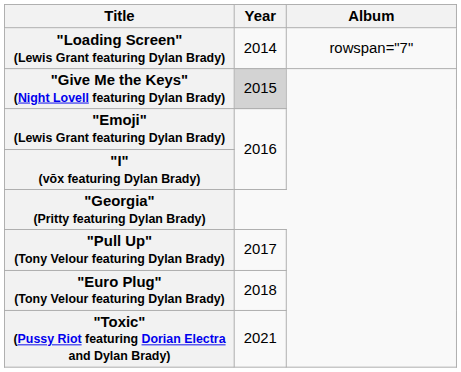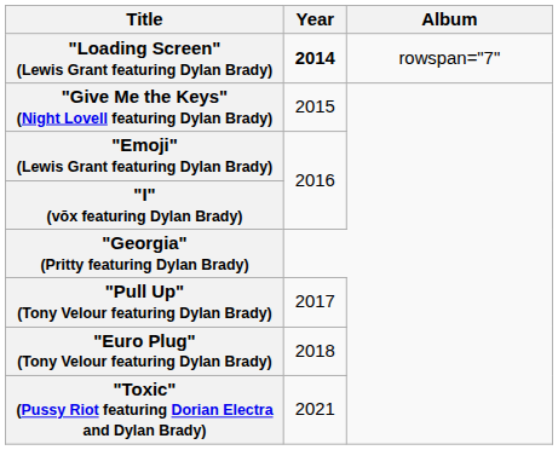 <table class="wikitable plainrowheaders" style="text-align:center;" border="1">
 <tr>
 <th scope="col" style="width:15em;">Title</th>
 <th scope="col" style="width:3em;">Year</th>
 <th scope="col" style="width:11em;">Album</th>
 </tr>
 <tr>
 <th scope="row">"Loading Screen"<br><small>(Lewis Grant featuring Dylan Brady)</small></th>
-<td>2014</td>
+<td><strong>2014</strong></td>
 <td>rowspan="7" </td>
 </tr>
 <tr>
 <th scope="row">"Give Me the Keys"<br><small>(<a href='#'>Night Lovell</a> featuring Dylan Brady)</small></th>
-<td style="background: lightgrey;">2015</td>
+<td>2015</td>
 </tr>
 <tr>
 <th scope="row">"Emoji"<br><small>(Lewis Grant featuring Dylan Brady)</small></th>
 <td rowspan="2">2016</td>
 </tr>
 <tr>
 <th scope="row">"I"<br><small>(vōx featuring Dylan Brady)</small></th>
 </tr>
 <tr>
 <th scope="row">"Georgia" <br><small>(Pritty featuring Dylan Brady)</small></th>
 </tr>
 <tr>
 <th scope="row">"Pull Up" <br><small>(Tony Velour featuring Dylan Brady)</small></th>
 <td>2017</td>
 </tr>
 <tr>
 <th scope="row">"Euro Plug" <br><small>(Tony Velour featuring Dylan Brady)</small></th>
 <td>2018</td>
 </tr>
 <tr>
 <th scope="row">"Toxic" <br><small>(<a href='#'>Pussy Riot</a> featuring <a href='#'>Dorian Electra</a> and Dylan Brady)</small></th>
 <td>2021</td>
 </tr>
 </table>
